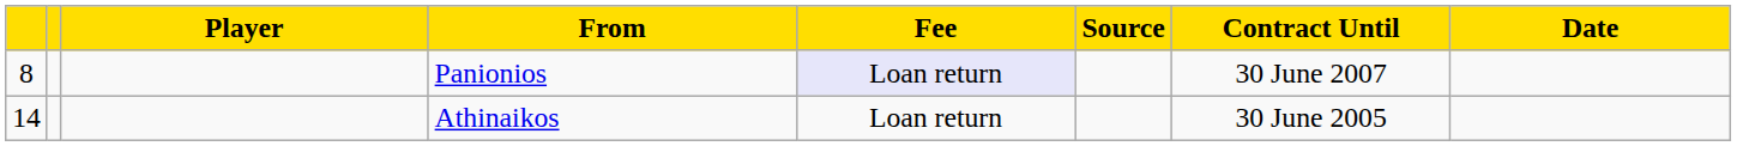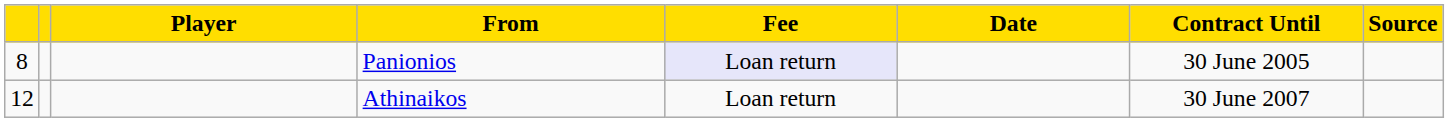 <table class="wikitable sortable">
 <tr>
 <th style="background:#FFDE00"></th>
 <th style="background:#FFDE00"></th>
 <th width=200 style="background:#FFDE00">Player</th>
 <th width=200 style="background:#FFDE00">From</th>
 <th width=150 style="background:#FFDE00">Fee</th>
+<th width=150 style="background:#FFDE00">Date</th>
+<th width=150 style="background:#FFDE00">Contract Until</th>
 <th style="background:#FFDE00">Source</th>
-<th width=150 style="background:#FFDE00">Contract Until</th>
-<th width=150 style="background:#FFDE00">Date</th>
 </tr>
 <tr>
 <td align=center>8</td>
 <td align=center></td>
 <td></td>
 <td> <a href='#'>Panionios</a></td>
 <td align=center style="background: lavender;">Loan return</td>
 <td align=center></td>
-<td align=center>30 June 2007</td>
+<td align=center>30 June 2005</td>
 <td align=center></td>
 </tr>
 <tr>
-<td align=center>14</td>
+<td align=center>12</td>
 <td align=center></td>
 <td></td>
 <td> <a href='#'>Athinaikos</a></td>
 <td align=center>Loan return</td>
 <td align=center></td>
-<td align=center>30 June 2005</td>
+<td align=center>30 June 2007</td>
 <td align=center></td>
 </tr>
 </table>
